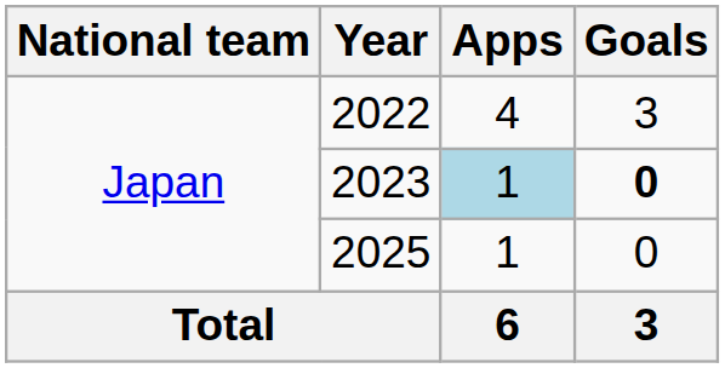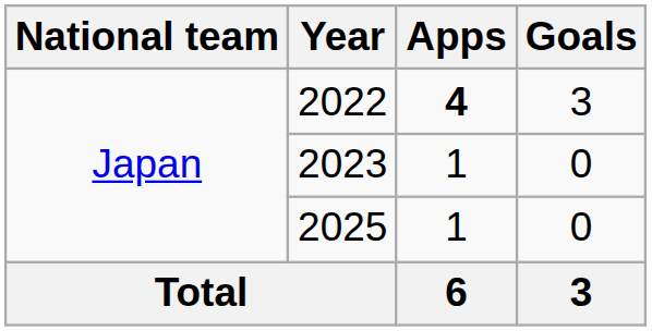 <table class="wikitable" style="text-align:center">
 <tr>
 <th>National team</th>
 <th>Year</th>
 <th>Apps</th>
 <th>Goals</th>
 </tr>
 <tr>
 <td rowspan="3"><a href='#'>Japan</a></td>
 <td>2022</td>
-<td>4</td>
+<td><strong>4</strong></td>
 <td>3</td>
 </tr>
 <tr>
 <td>2023</td>
-<td style="background: lightblue;">1</td>
-<td><strong>0</strong></td>
+<td>1</td>
+<td>0</td>
 </tr>
 <tr>
 <td>2025</td>
 <td>1</td>
 <td>0</td>
 </tr>
 <tr>
 <th colspan="2">Total</th>
 <th>6</th>
 <th>3</th>
 </tr>
 </table>
